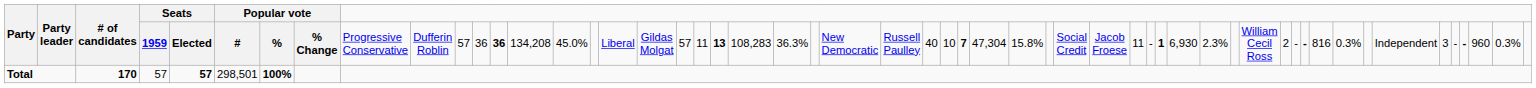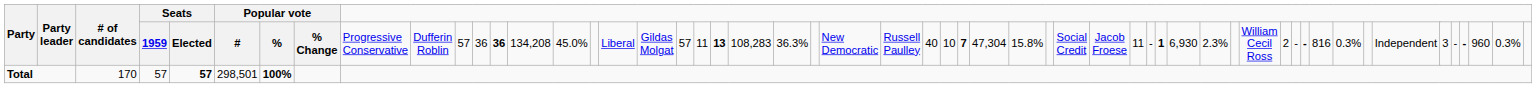 <table class="wikitable">
 <tr>
 <th rowspan=2 colspan=2>Party</th>
 <th rowspan=2>Party leader</th>
 <th rowspan=2># of<br>candidates</th>
 <th colspan=2>Seats</th>
 <th colspan=3>Popular vote</th>
 </tr>
 <tr>
 <th><a href='#'>1959</a></th>
 <th>Elected</th>
 <th>#</th>
 <th>%</th>
 <th>% Change<br></th>
 <td><a href='#'>Progressive Conservative</a></td>
 <td align="center"><a href='#'>Dufferin Roblin</a></td>
 <td align="right">57</td>
 <td align="right">36</td>
 <td align="right"><strong>36</strong></td>
 <td align="right">134,208</td>
 <td align="right">45.0%</td>
 <td align="right"> <br></td>
 <td><a href='#'>Liberal</a></td>
 <td align="center"><a href='#'>Gildas Molgat</a></td>
 <td align="right">57</td>
 <td align="right">11</td>
 <td align="right"><strong>13</strong></td>
 <td align="right">108,283</td>
 <td align="right">36.3%</td>
 <td align="right"> <br></td>
 <td><a href='#'>New Democratic</a></td>
 <td align="center"><a href='#'>Russell Paulley</a></td>
 <td align="right">40</td>
 <td align="right">10</td>
 <td align="right"><strong>7</strong></td>
 <td align="right">47,304</td>
 <td align="right">15.8%</td>
 <td align="right"> <br></td>
 <td><a href='#'>Social Credit</a></td>
 <td align="center"><a href='#'>Jacob Froese</a></td>
 <td align="right">11</td>
 <td align="right">-</td>
 <td align="right"><strong>1</strong></td>
 <td align="right">6,930</td>
 <td align="right">2.3%</td>
 <td align="right"> <br></td>
 <td align="center"><a href='#'>William Cecil Ross</a></td>
 <td align="right">2</td>
 <td align="right">-</td>
 <td align="right"><strong>-</strong></td>
 <td align="right">816</td>
 <td align="right">0.3%</td>
 <td align="right"> <br></td>
 <td colspan=2>Independent</td>
 <td align="right">3</td>
 <td align="right">-</td>
 <td align="right"><strong>-</strong></td>
 <td align="right">960</td>
 <td align="right">0.3%</td>
 <td align="right"> </td>
 </tr>
 <tr>
 <td colspan=3><strong>Total</strong></td>
-<td align="right"><strong>170</strong></td>
+<td align="right">170</td>
 <td align="right">57</td>
 <td align="right"><strong>57</strong></td>
 <td align="right">298,501</td>
 <td align="right"><strong>100%</strong></td>
 <td align="right"> </td>
 </tr>
 </table>
